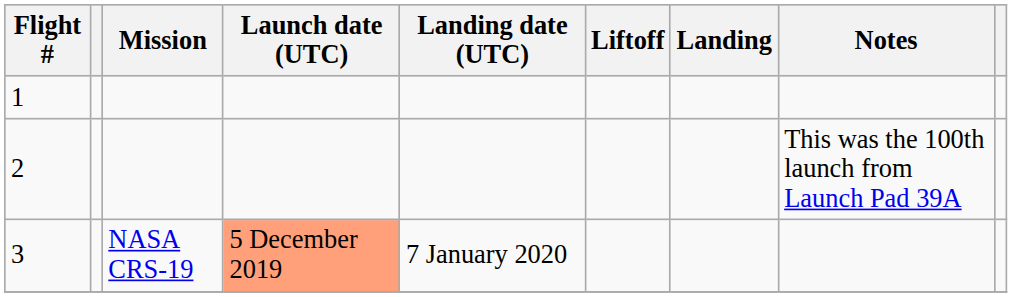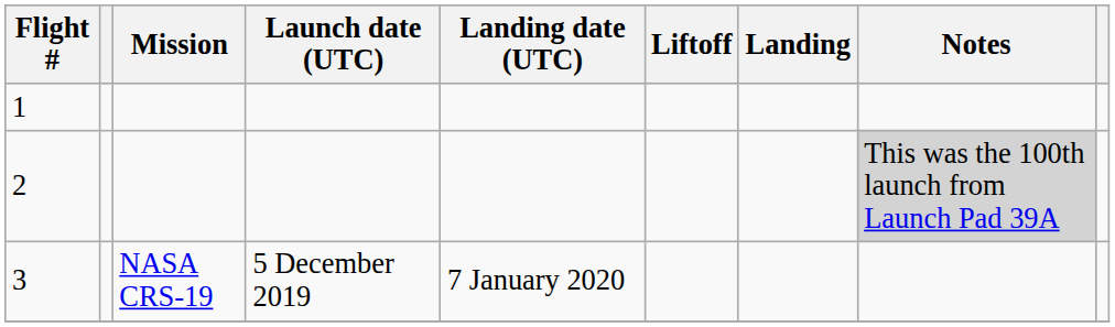 <table class=wikitable>
 <tr>
 <th>Flight #</th>
 <th></th>
 <th>Mission</th>
 <th>Launch date (UTC)</th>
 <th>Landing date (UTC)</th>
 <th>Liftoff</th>
 <th>Landing</th>
 <th>Notes</th>
 <th></th>
 </tr>
 <tr>
 <td>1</td>
 <td></td>
 <td><a href='#'></a></td>
 <td></td>
 <td></td>
 <td></td>
 <td></td>
 <td></td>
 <td></td>
 </tr>
 <tr>
 <td>2</td>
 <td></td>
 <td><a href='#'></a></td>
 <td></td>
 <td></td>
 <td></td>
 <td></td>
-<td>This was the 100th launch from <a href='#'>Launch Pad 39A</a></td>
+<td style="background: lightgrey;">This was the 100th launch from <a href='#'>Launch Pad 39A</a></td>
 <td></td>
 </tr>
 <tr>
 <td>3</td>
 <td></td>
 <td><a href='#'>NASA CRS-19</a></td>
-<td style="background: lightsalmon;">5 December 2019</td>
+<td>5 December 2019</td>
 <td>7 January 2020</td>
 <td></td>
 <td></td>
 <td></td>
 <td></td>
 </tr>
 <tr>
 </tr>
 </table>
